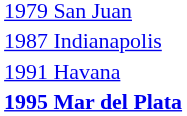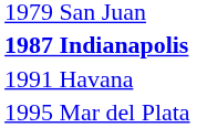 <table>
 <tr>
 <td><a href='#'>1979 San Juan</a><br></td>
 <td></td>
 <td></td>
 <td></td>
 </tr>
 <tr>
-<td><a href='#'>1987 Indianapolis</a><br></td>
+<td><strong><a href='#'>1987 Indianapolis</a><br></strong></td>
 <td></td>
 <td></td>
 <td></td>
 </tr>
 <tr>
 <td><a href='#'>1991 Havana</a><br></td>
 <td></td>
 <td></td>
 <td></td>
 </tr>
 <tr>
-<td><strong><a href='#'>1995 Mar del Plata</a><br></strong></td>
+<td><a href='#'>1995 Mar del Plata</a><br></td>
 <td></td>
 <td></td>
 <td></td>
 </tr>
 </table>
